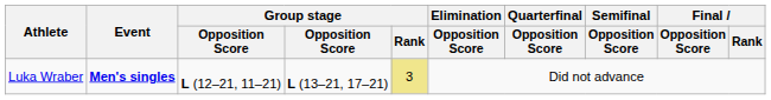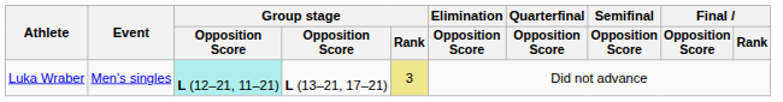 <table class="wikitable" style="font-size:90%; text-align:center">
 <tr>
 <th rowspan="2">Athlete</th>
 <th rowspan="2">Event</th>
 <th colspan="3">Group stage</th>
 <th>Elimination</th>
 <th>Quarterfinal</th>
 <th>Semifinal</th>
 <th colspan="2">Final / </th>
 </tr>
 <tr style="font-size:95%">
 <th>Opposition<br>Score</th>
 <th>Opposition<br>Score</th>
 <th>Rank</th>
 <th>Opposition<br>Score</th>
 <th>Opposition<br>Score</th>
 <th>Opposition<br>Score</th>
 <th>Opposition<br>Score</th>
 <th>Rank</th>
 </tr>
 <tr>
 <td align="left"><a href='#'>Luka Wraber</a></td>
-<td align="left"><strong><a href='#'>Men's singles</a></strong></td>
-<td><br><strong>L</strong> (12–21, 11–21)</td>
+<td align="left"><a href='#'>Men's singles</a></td>
+<td style="background: paleturquoise;"><br><strong>L</strong> (12–21, 11–21)</td>
 <td><br><strong>L</strong> (13–21, 17–21)</td>
 <td style="background: khaki;">3</td>
 <td colspan=5>Did not advance</td>
 </tr>
 </table>
